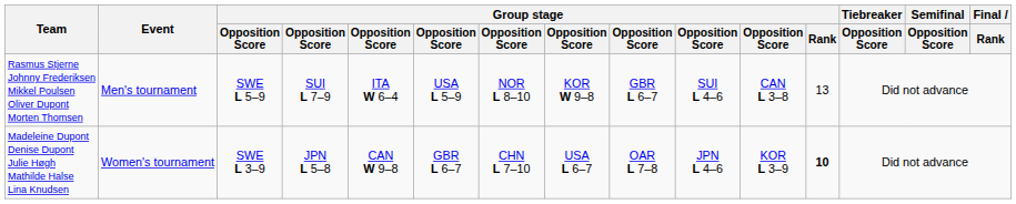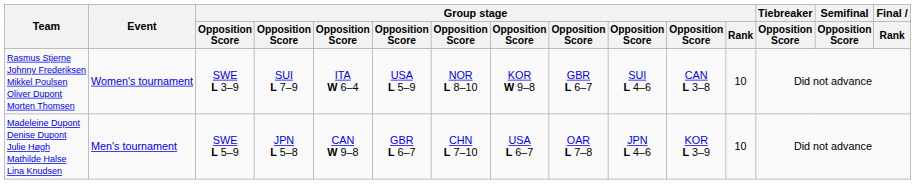 <table class="wikitable" style="font-size:90%">
 <tr>
 <th rowspan=2>Team</th>
 <th rowspan=2>Event</th>
 <th colspan=10>Group stage</th>
 <th>Tiebreaker</th>
 <th>Semifinal</th>
 <th colspan=2>Final / </th>
 </tr>
 <tr style="font-size:95%">
 <th>Opposition<br>Score</th>
 <th>Opposition<br>Score</th>
 <th>Opposition<br>Score</th>
 <th>Opposition<br>Score</th>
 <th>Opposition<br>Score</th>
 <th>Opposition<br>Score</th>
 <th>Opposition<br>Score</th>
 <th>Opposition<br>Score</th>
 <th>Opposition<br>Score</th>
 <th>Rank</th>
 <th>Opposition<br>Score</th>
 <th>Opposition<br>Score</th>
 <th>Rank</th>
 </tr>
 <tr align=center>
 <td align=left><small><a href='#'>Rasmus Stjerne</a><br><a href='#'>Johnny Frederiksen</a><br><a href='#'>Mikkel Poulsen</a><br><a href='#'>Oliver Dupont</a><br><a href='#'>Morten Thomsen</a></small></td>
-<td align=left><a href='#'>Men's tournament</a></td>
-<td> <a href='#'>SWE</a><br><strong>L</strong> 5–9</td>
+<td align=left><a href='#'>Women's tournament</a></td>
+<td> <a href='#'>SWE</a><br><strong>L</strong> 3–9</td>
 <td> <a href='#'>SUI</a><br> <strong>L</strong> 7–9</td>
 <td> <a href='#'>ITA</a><br> <strong>W</strong> 6–4</td>
 <td> <a href='#'>USA</a><br> <strong>L</strong> 5–9</td>
 <td> <a href='#'>NOR</a><br> <strong>L</strong> 8–10</td>
 <td> <a href='#'>KOR</a><br> <strong>W</strong> 9–8</td>
 <td> <a href='#'>GBR</a><br> <strong>L</strong> 6–7</td>
 <td> <a href='#'>SUI</a><br> <strong>L</strong> 4–6</td>
 <td> <a href='#'>CAN</a><br> <strong>L</strong> 3–8</td>
-<td>13</td>
+<td>10</td>
 <td colspan=4>Did not advance</td>
 </tr>
 <tr align=center>
 <td align=left><small><a href='#'>Madeleine Dupont</a><br><a href='#'>Denise Dupont</a><br><a href='#'>Julie Høgh</a><br><a href='#'>Mathilde Halse</a><br><a href='#'>Lina Knudsen</a></small></td>
-<td align=left><a href='#'>Women's tournament</a></td>
-<td> <a href='#'>SWE</a><br><strong>L</strong> 3–9</td>
+<td align=left><a href='#'>Men's tournament</a></td>
+<td> <a href='#'>SWE</a><br><strong>L</strong> 5–9</td>
 <td> <a href='#'>JPN</a><br> <strong>L</strong> 5–8</td>
 <td> <a href='#'>CAN</a><br> <strong>W</strong> 9–8</td>
 <td> <a href='#'>GBR</a><br> <strong>L</strong> 6–7</td>
 <td> <a href='#'>CHN</a><br> <strong>L</strong> 7–10</td>
 <td> <a href='#'>USA</a><br> <strong>L</strong> 6–7</td>
 <td> <a href='#'>OAR</a><br> <strong>L</strong> 7–8</td>
 <td> <a href='#'>JPN</a><br> <strong>L</strong> 4–6</td>
 <td> <a href='#'>KOR</a><br> <strong>L</strong> 3–9</td>
-<td><strong>10</strong></td>
+<td>10</td>
 <td colspan=4>Did not advance</td>
 </tr>
 </table>
